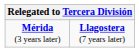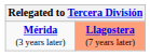 <table class="wikitable" style="text-align: center; margin: 0 auto;">
 <tr>
 <th colspan="2">Relegated to <a href='#'>Tercera División</a></th>
 </tr>
 <tr>
 <td><strong><a href='#'>Mérida</a></strong><br><small>(3 years later)</small></td>
-<td><strong><a href='#'>Llagostera</a></strong><br><small>(7 years later)</small></td>
+<td style="background: lightsalmon;"><strong><a href='#'>Llagostera</a></strong><br><small>(7 years later)</small></td>
 </tr>
 </table>
